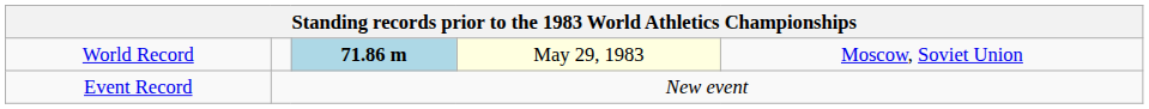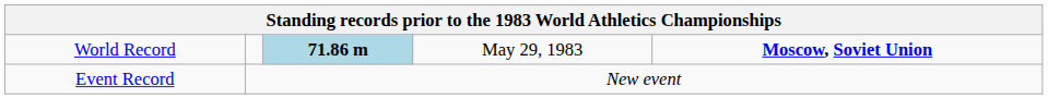 <table class="wikitable" style=" text-align:center; font-size:110%;" width="80%">
 <tr>
 <th colspan="5">Standing records prior to the 1983 World Athletics Championships</th>
 </tr>
 <tr>
 <td><a href='#'>World Record</a></td>
 <td></td>
 <td style="background: lightblue;"><strong>71.86 m</strong></td>
-<td style="background: lightyellow;">May 29, 1983</td>
-<td> <a href='#'>Moscow</a>, <a href='#'>Soviet Union</a></td>
+<td>May 29, 1983</td>
+<td><strong> <a href='#'>Moscow</a>, <a href='#'>Soviet Union</a></strong></td>
 </tr>
 <tr>
 <td><a href='#'>Event Record</a></td>
 <td colspan="4"><em>New event</em></td>
 </tr>
 </table>
